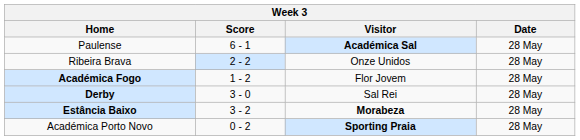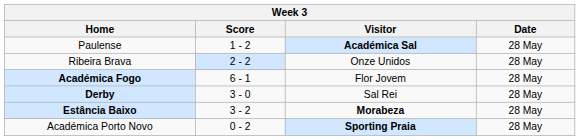 <table class="wikitable" style="font-size:95%; text-align: center; width: 95%;">
 <tr>
 <th colspan="12" style="with: 100%;" align=center>Week 3</th>
 </tr>
 <tr>
 <th width="200">Home</th>
 <th width="90">Score</th>
 <th width="200">Visitor</th>
 <th width="100">Date</th>
 </tr>
 <tr align=center>
 <td>Paulense</td>
-<td>6 - 1</td>
+<td>1 - 2</td>
 <td bgcolor=#D0E7FF><strong>Académica Sal</strong></td>
 <td>28 May</td>
 </tr>
 <tr align=center>
 <td>Ribeira Brava</td>
 <td bgcolor=#D0E7FF>2 - 2</td>
 <td>Onze Unidos</td>
 <td>28 May</td>
 </tr>
 <tr align=center>
 <td bgcolor=#D0E7FF><strong>Académica Fogo</strong></td>
-<td>1 - 2</td>
+<td>6 - 1</td>
 <td>Flor Jovem</td>
 <td>28 May</td>
 </tr>
 <tr align=center>
 <td bgcolor=#D0E7FF><strong>Derby</strong></td>
 <td>3 - 0</td>
 <td>Sal Rei</td>
 <td>28 May</td>
 </tr>
 <tr align=center>
 <td bgcolor=#D0E7FF><strong>Estância Baixo</strong></td>
 <td>3 - 2</td>
 <td><strong>Morabeza</strong></td>
 <td>28 May</td>
 </tr>
 <tr align=center>
 <td>Académica Porto Novo</td>
 <td>0 - 2</td>
 <td bgcolor=#D0E7FF><strong>Sporting Praia</strong></td>
 <td>28 May</td>
 </tr>
 </table>
